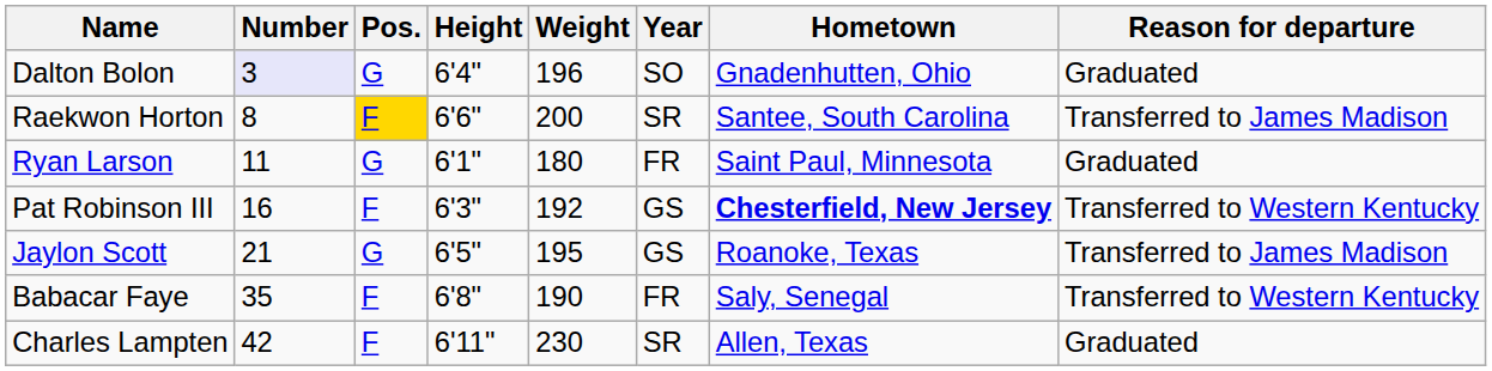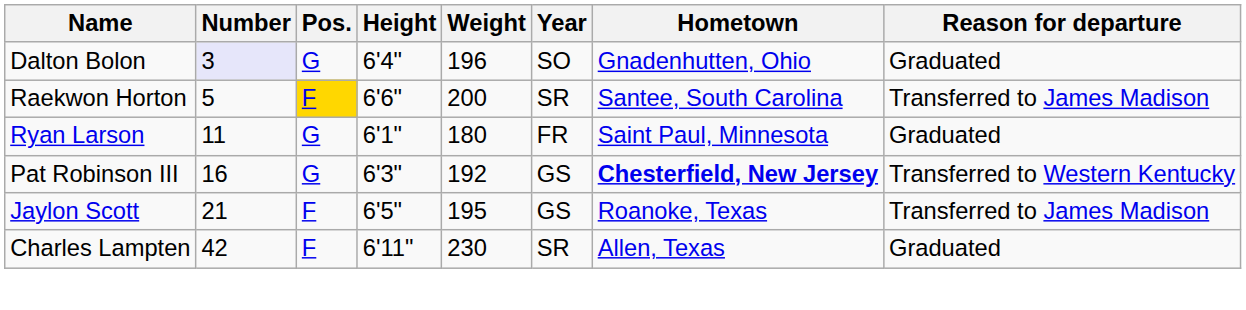 <table class="wikitable sortable" border="1">
 <tr align=center>
 <th>Name</th>
 <th>Number</th>
 <th>Pos.</th>
 <th>Height</th>
 <th>Weight</th>
 <th>Year</th>
 <th>Hometown</th>
 <th>Reason for departure</th>
 </tr>
 <tr>
 <td>Dalton Bolon</td>
 <td style="background: lavender;">3</td>
 <td><a href='#'>G</a></td>
 <td>6'4"</td>
 <td>196</td>
 <td>SO</td>
 <td><a href='#'>Gnadenhutten, Ohio</a></td>
 <td>Graduated</td>
 </tr>
 <tr>
 <td sortname>Raekwon Horton</td>
-<td>8</td>
+<td>5</td>
 <td style="background: gold;"><a href='#'>F</a></td>
 <td>6'6"</td>
 <td>200</td>
 <td>SR</td>
 <td><a href='#'>Santee, South Carolina</a></td>
 <td>Transferred to <a href='#'>James Madison</a></td>
 </tr>
 <tr>
 <td sortname><a href='#'>Ryan Larson</a></td>
 <td>11</td>
 <td><a href='#'>G</a></td>
 <td>6'1"</td>
 <td>180</td>
 <td>FR</td>
 <td><a href='#'>Saint Paul, Minnesota</a></td>
 <td>Graduated</td>
 </tr>
 <tr>
 <td sortname>Pat Robinson III</td>
 <td>16</td>
-<td><a href='#'>F</a></td>
+<td><a href='#'>G</a></td>
 <td>6'3"</td>
 <td>192</td>
 <td>GS</td>
 <td><strong><a href='#'>Chesterfield, New Jersey</a></strong></td>
 <td>Transferred to <a href='#'>Western Kentucky</a></td>
 </tr>
 <tr>
 <td sortname><a href='#'>Jaylon Scott</a></td>
 <td>21</td>
-<td><a href='#'>G</a></td>
+<td><a href='#'>F</a></td>
 <td>6'5"</td>
 <td>195</td>
 <td>GS</td>
 <td><a href='#'>Roanoke, Texas</a></td>
 <td>Transferred to <a href='#'>James Madison</a></td>
-</tr>
-<tr>
-<td sortname>Babacar Faye</td>
-<td>35</td>
-<td><a href='#'>F</a></td>
-<td>6'8"</td>
-<td>190</td>
-<td>FR</td>
-<td><a href='#'>Saly, Senegal</a></td>
-<td>Transferred to <a href='#'>Western Kentucky</a></td>
 </tr>
 <tr>
 <td>Charles Lampten</td>
 <td>42</td>
 <td><a href='#'>F</a></td>
 <td>6'11"</td>
 <td>230</td>
 <td>SR</td>
 <td><a href='#'>Allen, Texas</a></td>
 <td>Graduated</td>
 </tr>
 </table>
